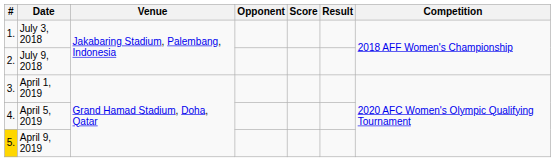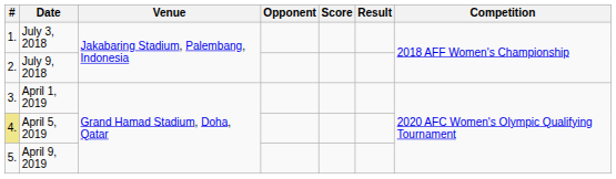 <table class="wikitable">
 <tr>
 <th>#</th>
 <th>Date</th>
 <th>Venue</th>
 <th>Opponent</th>
 <th>Score</th>
 <th>Result</th>
 <th>Competition</th>
 </tr>
 <tr>
 <td>1.</td>
 <td>July 3, 2018</td>
 <td rowspan=2><a href='#'>Jakabaring Stadium</a>, <a href='#'>Palembang</a>, <a href='#'>Indonesia</a></td>
 <td></td>
 <td></td>
 <td></td>
 <td rowspan="2"><a href='#'>2018 AFF Women's Championship</a></td>
 </tr>
 <tr>
 <td>2.</td>
 <td>July 9, 2018</td>
 <td></td>
 <td></td>
 <td></td>
 </tr>
 <tr>
 <td>3.</td>
 <td>April 1, 2019</td>
 <td rowspan=3><a href='#'>Grand Hamad Stadium</a>, <a href='#'>Doha</a>, <a href='#'>Qatar</a></td>
 <td></td>
 <td></td>
 <td></td>
 <td rowspan="3"><a href='#'>2020 AFC Women's Olympic Qualifying Tournament</a></td>
 </tr>
 <tr>
-<td>4.</td>
+<td style="background: khaki;">4.</td>
 <td>April 5, 2019</td>
 <td></td>
 <td></td>
 <td></td>
 </tr>
 <tr>
-<td style="background: gold;">5.</td>
+<td>5.</td>
 <td>April 9, 2019</td>
 <td></td>
 <td></td>
 <td></td>
 </tr>
 </table>
